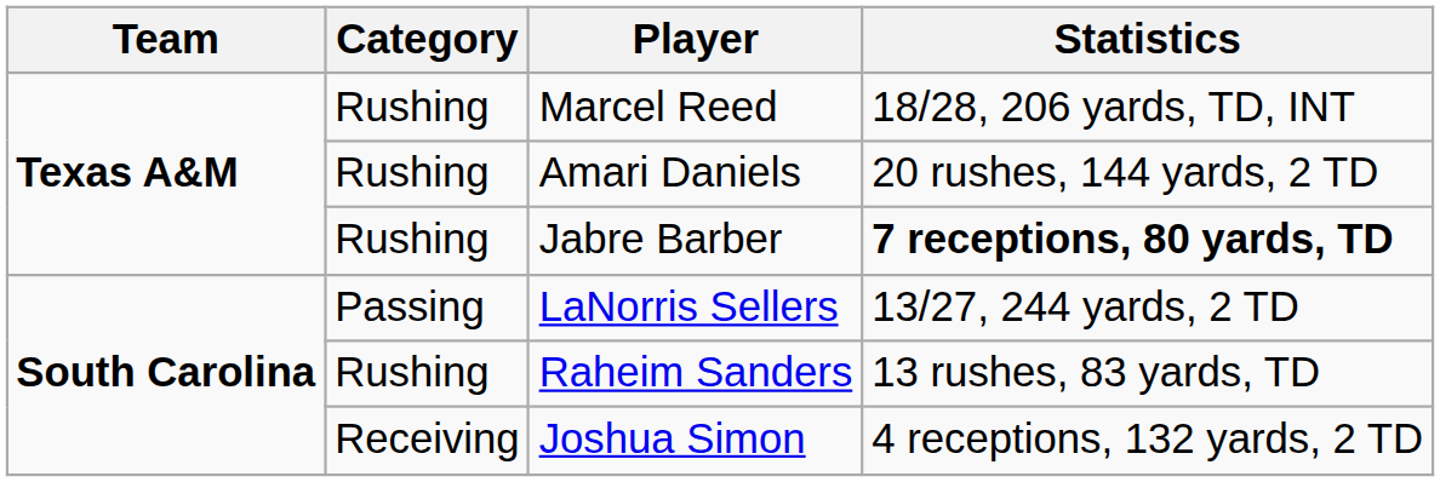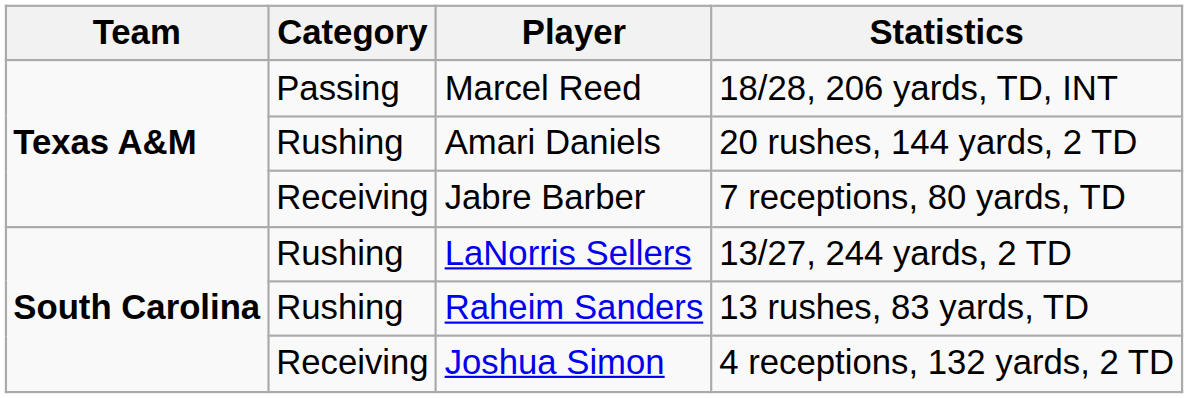 <table class="wikitable" style="float: right;">
 <tr>
 <th>Team</th>
 <th>Category</th>
 <th>Player</th>
 <th>Statistics</th>
 </tr>
 <tr>
 <td rowspan=3><strong>Texas A&M</strong></td>
-<td>Rushing</td>
+<td>Passing</td>
 <td>Marcel Reed</td>
 <td>18/28, 206 yards, TD, INT</td>
 </tr>
 <tr>
 <td>Rushing</td>
 <td>Amari Daniels</td>
 <td>20 rushes, 144 yards, 2 TD</td>
 </tr>
 <tr>
-<td>Rushing</td>
+<td>Receiving</td>
 <td>Jabre Barber</td>
-<td><strong>7 receptions, 80 yards, TD</strong></td>
+<td>7 receptions, 80 yards, TD</td>
 </tr>
 <tr>
 <td rowspan=3><strong>South Carolina</strong></td>
-<td>Passing</td>
+<td>Rushing</td>
 <td><a href='#'>LaNorris Sellers</a></td>
 <td>13/27, 244 yards, 2 TD</td>
 </tr>
 <tr>
 <td>Rushing</td>
 <td><a href='#'>Raheim Sanders</a></td>
 <td>13 rushes, 83 yards, TD</td>
 </tr>
 <tr>
 <td>Receiving</td>
 <td><a href='#'>Joshua Simon</a></td>
 <td>4 receptions, 132 yards, 2 TD</td>
 </tr>
 </table>
